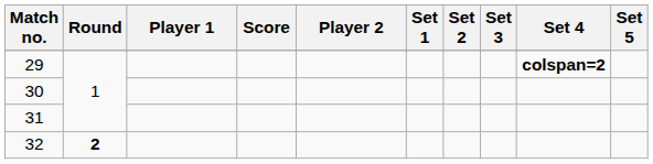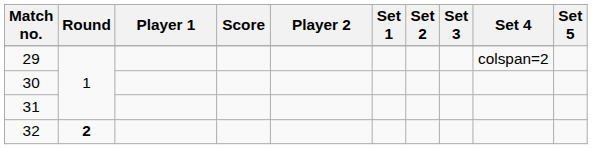 <table class="wikitable" style="text-align: center;">
 <tr>
 <th width="2%">Match no.</th>
 <th width="2%">Round</th>
 <th width="15%">Player 1</th>
 <th width="5%">Score</th>
 <th width="15%">Player 2</th>
 <th width="3%">Set 1</th>
 <th width="3%">Set 2</th>
 <th width="3%">Set 3</th>
 <th width="3%">Set 4</th>
 <th width="3%">Set 5</th>
 </tr>
 <tr>
 </tr>
 <tr style=text-align:center;>
 <td>29</td>
 <td rowspan=3>1</td>
 <td></td>
 <td></td>
 <td></td>
 <td></td>
 <td></td>
 <td></td>
-<td><strong>colspan=2</strong></td>
+<td>colspan=2</td>
 </tr>
 <tr style=text-align:center;>
 <td>30</td>
 <td></td>
 <td></td>
 <td></td>
 <td></td>
 <td></td>
 <td></td>
 <td></td>
 <td></td>
 </tr>
 <tr style=text-align:center;>
 <td>31</td>
 <td></td>
 <td></td>
 <td></td>
 <td></td>
 <td></td>
 <td></td>
 <td></td>
 <td></td>
 </tr>
 <tr style=text-align:center;>
 <td>32</td>
 <td><strong>2</strong></td>
 <td></td>
 <td></td>
 <td></td>
 <td></td>
 <td></td>
 <td></td>
 <td></td>
 <td></td>
 </tr>
 </table>
